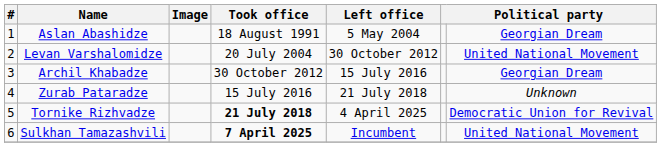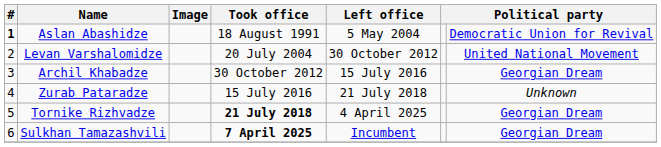 <table class="wikitable" style=text-align:center>
 <tr>
 <th>#</th>
 <th>Name</th>
 <th>Image</th>
 <th>Took office</th>
 <th>Left office</th>
 <th colspan=2>Political party</th>
 </tr>
 <tr>
-<td>1</td>
+<td><strong>1</strong></td>
 <td><a href='#'>Aslan Abashidze</a></td>
 <td></td>
 <td>18 August 1991</td>
 <td>5 May 2004</td>
 <td style="background-color:"></td>
-<td><a href='#'>Georgian Dream</a></td>
+<td><a href='#'>Democratic Union for Revival</a></td>
 </tr>
 <tr>
 <td>2</td>
 <td><a href='#'>Levan Varshalomidze</a></td>
 <td></td>
 <td>20 July 2004</td>
 <td>30 October 2012</td>
 <td style="background-color:"></td>
 <td><a href='#'>United National Movement</a></td>
 </tr>
 <tr>
 <td>3</td>
 <td><a href='#'>Archil Khabadze</a></td>
 <td></td>
 <td>30 October 2012</td>
 <td>15 July 2016</td>
 <td style="background-color:"></td>
 <td><a href='#'>Georgian Dream</a></td>
 </tr>
 <tr>
 <td>4</td>
 <td><a href='#'>Zurab Pataradze</a></td>
 <td></td>
 <td>15 July 2016</td>
 <td>21 July 2018</td>
 <td style="background-color:"></td>
 <td><em>Unknown</em></td>
 </tr>
 <tr>
 <td>5</td>
 <td><a href='#'>Tornike Rizhvadze</a></td>
 <td></td>
 <td><strong>21 July 2018</strong></td>
 <td>4 April 2025</td>
 <td style="background-color:"></td>
-<td><a href='#'>Democratic Union for Revival</a></td>
+<td><a href='#'>Georgian Dream</a></td>
 </tr>
 <tr>
 <td>6</td>
 <td><a href='#'>Sulkhan Tamazashvili</a></td>
 <td></td>
 <td><strong>7 April 2025</strong></td>
 <td><a href='#'>Incumbent</a></td>
 <td style="background-color:"></td>
-<td><a href='#'>United National Movement</a></td>
+<td><a href='#'>Georgian Dream</a></td>
 </tr>
 <tr>
 </tr>
 </table>
